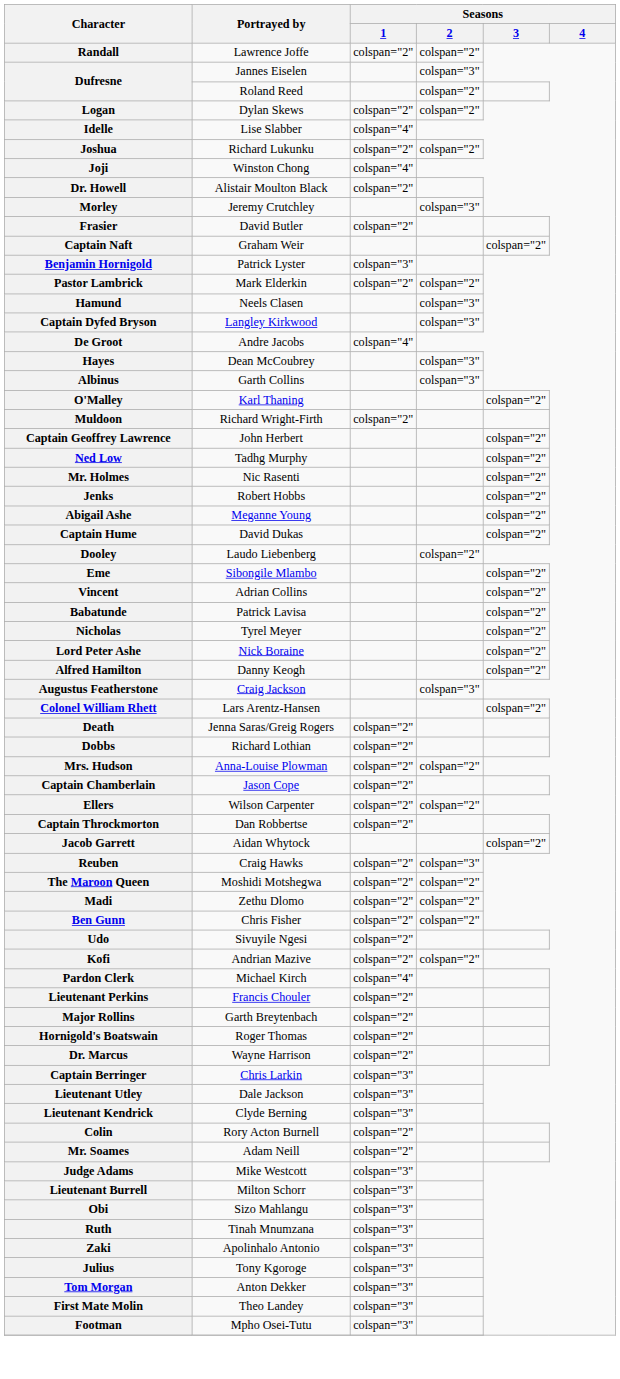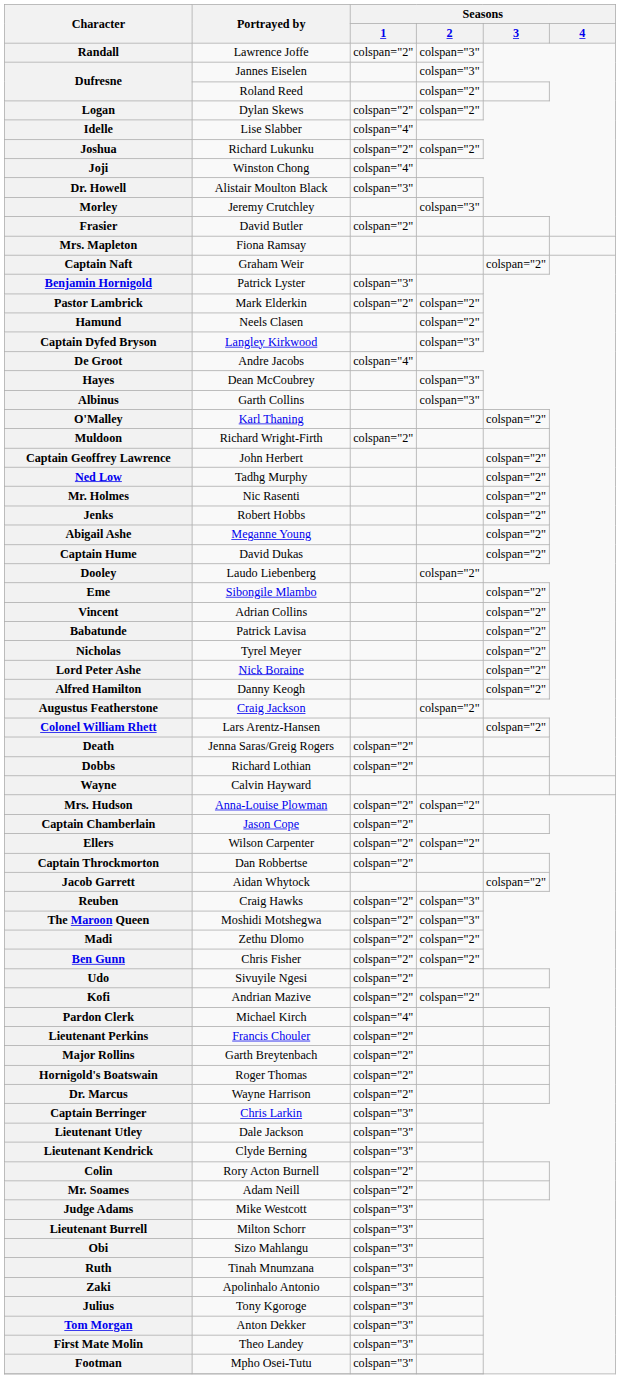 <table class="wikitable" style="text-align: center;">
 <tr>
 <th rowspan="2" style="width:240px;">Character</th>
 <th rowspan="2" style="width:200px;">Portrayed by</th>
 <th colspan="4">Seasons</th>
 </tr>
 <tr>
 <th style="width:80px;"><a href='#'>1</a></th>
 <th style="width:80px;"><a href='#'>2</a></th>
 <th style="width:80px;"><a href='#'>3</a></th>
 <th style="width:80px;"><a href='#'>4</a></th>
 </tr>
 <tr>
 <th>Randall</th>
 <td>Lawrence Joffe</td>
 <td>colspan="2" </td>
-<td>colspan="2" </td>
+<td>colspan="3" </td>
 </tr>
 <tr>
 <th rowspan="2">Dufresne</th>
 <td>Jannes Eiselen</td>
 <td></td>
 <td>colspan="3" </td>
 </tr>
 <tr>
 <td>Roland Reed</td>
 <td></td>
 <td>colspan="2" </td>
 <td></td>
 </tr>
 <tr>
 <th>Logan</th>
 <td>Dylan Skews</td>
 <td>colspan="2" </td>
 <td>colspan="2" </td>
 </tr>
 <tr>
 <th>Idelle</th>
 <td>Lise Slabber</td>
 <td>colspan="4" </td>
 </tr>
 <tr>
 <th>Joshua</th>
 <td>Richard Lukunku</td>
 <td>colspan="2" </td>
 <td>colspan="2" </td>
 </tr>
 <tr>
 <th>Joji</th>
 <td>Winston Chong</td>
 <td>colspan="4" </td>
 </tr>
 <tr>
 <th>Dr. Howell</th>
 <td>Alistair Moulton Black</td>
-<td>colspan="2" </td>
+<td>colspan="3" </td>
 <td></td>
 </tr>
 <tr>
 <th>Morley</th>
 <td>Jeremy Crutchley</td>
 <td></td>
 <td>colspan="3" </td>
 </tr>
 <tr>
 <th>Frasier</th>
 <td>David Butler</td>
 <td>colspan="2" </td>
+<td></td>
+<td></td>
+</tr>
+<tr>
+<th>Mrs. Mapleton</th>
+<td>Fiona Ramsay</td>
+<td></td>
+<td></td>
 <td></td>
 <td></td>
 </tr>
 <tr>
 <th>Captain Naft</th>
 <td>Graham Weir</td>
 <td></td>
 <td></td>
 <td>colspan="2" </td>
 </tr>
 <tr>
 <th><a href='#'>Benjamin Hornigold</a></th>
 <td>Patrick Lyster</td>
 <td>colspan="3" </td>
 <td></td>
 </tr>
 <tr>
 <th>Pastor Lambrick</th>
 <td>Mark Elderkin</td>
 <td>colspan="2" </td>
 <td>colspan="2" </td>
 </tr>
 <tr>
 <th>Hamund</th>
 <td>Neels Clasen</td>
 <td></td>
-<td>colspan="3" </td>
+<td>colspan="2" </td>
 </tr>
 <tr>
 <th>Captain Dyfed Bryson</th>
 <td><a href='#'>Langley Kirkwood</a></td>
 <td></td>
 <td>colspan="3" </td>
 </tr>
 <tr>
 <th>De Groot</th>
 <td>Andre Jacobs</td>
 <td>colspan="4" </td>
 </tr>
 <tr>
 <th>Hayes</th>
 <td>Dean McCoubrey</td>
 <td></td>
 <td>colspan="3" </td>
 </tr>
 <tr>
 <th>Albinus</th>
 <td>Garth Collins</td>
 <td></td>
 <td>colspan="3" </td>
 </tr>
 <tr>
 <th>O'Malley</th>
 <td><a href='#'>Karl Thaning</a></td>
 <td></td>
 <td></td>
 <td>colspan="2" </td>
 </tr>
 <tr>
 <th>Muldoon</th>
 <td>Richard Wright-Firth</td>
 <td>colspan="2" </td>
 <td></td>
 <td></td>
 </tr>
 <tr>
 <th>Captain Geoffrey Lawrence</th>
 <td>John Herbert</td>
 <td></td>
 <td></td>
 <td>colspan="2" </td>
 </tr>
 <tr>
 <th><a href='#'>Ned Low</a></th>
 <td>Tadhg Murphy</td>
 <td></td>
 <td></td>
 <td>colspan="2" </td>
 </tr>
 <tr>
 <th>Mr. Holmes</th>
 <td>Nic Rasenti</td>
 <td></td>
 <td></td>
 <td>colspan="2" </td>
 </tr>
 <tr>
 <th>Jenks</th>
 <td>Robert Hobbs</td>
 <td></td>
 <td></td>
 <td>colspan="2" </td>
 </tr>
 <tr>
 <th>Abigail Ashe</th>
 <td><a href='#'>Meganne Young</a></td>
 <td></td>
 <td></td>
 <td>colspan="2" </td>
 </tr>
 <tr>
 <th>Captain Hume</th>
 <td>David Dukas</td>
 <td></td>
 <td></td>
 <td>colspan="2" </td>
 </tr>
 <tr>
 <th>Dooley</th>
 <td>Laudo Liebenberg</td>
 <td></td>
 <td>colspan="2" </td>
 </tr>
 <tr>
 <th>Eme</th>
 <td><a href='#'>Sibongile Mlambo</a></td>
 <td></td>
 <td></td>
 <td>colspan="2" </td>
 </tr>
 <tr>
 <th>Vincent</th>
 <td>Adrian Collins</td>
 <td></td>
 <td></td>
 <td>colspan="2" </td>
 </tr>
 <tr>
 <th>Babatunde</th>
 <td>Patrick Lavisa</td>
 <td></td>
 <td></td>
 <td>colspan="2" </td>
 </tr>
 <tr>
 <th>Nicholas</th>
 <td>Tyrel Meyer</td>
 <td></td>
 <td></td>
 <td>colspan="2" </td>
 </tr>
 <tr>
 <th>Lord Peter Ashe</th>
 <td><a href='#'>Nick Boraine</a></td>
 <td></td>
 <td></td>
 <td>colspan="2" </td>
 </tr>
 <tr>
 <th>Alfred Hamilton</th>
 <td>Danny Keogh</td>
 <td></td>
 <td></td>
 <td>colspan="2" </td>
 </tr>
 <tr>
 <th>Augustus Featherstone</th>
 <td><a href='#'>Craig Jackson</a></td>
 <td></td>
-<td>colspan="3" </td>
+<td>colspan="2" </td>
 </tr>
 <tr>
 <th><a href='#'>Colonel William Rhett</a></th>
 <td>Lars Arentz-Hansen</td>
 <td></td>
 <td></td>
 <td>colspan="2" </td>
 </tr>
 <tr>
 <th>Death</th>
 <td>Jenna Saras/Greig Rogers</td>
 <td>colspan="2" </td>
 <td></td>
 <td></td>
 </tr>
 <tr>
 <th>Dobbs</th>
 <td>Richard Lothian</td>
 <td>colspan="2" </td>
+<td></td>
+<td></td>
+</tr>
+<tr>
+<th>Wayne</th>
+<td>Calvin Hayward</td>
+<td></td>
+<td></td>
 <td></td>
 <td></td>
 </tr>
 <tr>
 <th>Mrs. Hudson</th>
 <td><a href='#'>Anna-Louise Plowman</a></td>
 <td>colspan="2" </td>
 <td>colspan="2" </td>
 </tr>
 <tr>
 <th>Captain Chamberlain</th>
 <td><a href='#'>Jason Cope</a></td>
 <td>colspan="2" </td>
 <td></td>
 <td></td>
 </tr>
 <tr>
 <th>Ellers</th>
 <td>Wilson Carpenter</td>
 <td>colspan="2" </td>
 <td>colspan="2" </td>
 </tr>
 <tr>
 <th>Captain Throckmorton</th>
 <td>Dan Robbertse</td>
 <td>colspan="2" </td>
 <td></td>
 <td></td>
 </tr>
 <tr>
 <th>Jacob Garrett</th>
 <td>Aidan Whytock</td>
 <td></td>
 <td></td>
 <td>colspan="2" </td>
 </tr>
 <tr>
 <th>Reuben</th>
 <td>Craig Hawks</td>
 <td>colspan="2" </td>
 <td>colspan="3" </td>
 </tr>
 <tr>
 <th>The <a href='#'>Maroon</a> Queen</th>
 <td>Moshidi Motshegwa</td>
 <td>colspan="2" </td>
-<td>colspan="2" </td>
+<td>colspan="3" </td>
 </tr>
 <tr>
 <th>Madi</th>
 <td>Zethu Dlomo</td>
 <td>colspan="2" </td>
 <td>colspan="2" </td>
 </tr>
 <tr>
 <th><a href='#'>Ben Gunn</a></th>
 <td>Chris Fisher</td>
 <td>colspan="2" </td>
 <td>colspan="2" </td>
 </tr>
 <tr>
 <th>Udo</th>
 <td>Sivuyile Ngesi</td>
 <td>colspan="2" </td>
 <td></td>
 <td></td>
 </tr>
 <tr>
 <th>Kofi</th>
 <td>Andrian Mazive</td>
 <td>colspan="2" </td>
 <td>colspan="2" </td>
 </tr>
 <tr>
 <th>Pardon Clerk</th>
 <td>Michael Kirch</td>
 <td>colspan="4" </td>
 <td></td>
 <td></td>
 </tr>
 <tr>
 <th>Lieutenant Perkins</th>
 <td><a href='#'>Francis Chouler</a></td>
 <td>colspan="2" </td>
 <td></td>
 <td></td>
 </tr>
 <tr>
 <th>Major Rollins</th>
 <td>Garth Breytenbach</td>
 <td>colspan="2" </td>
 <td></td>
 <td></td>
 </tr>
 <tr>
 <th>Hornigold's Boatswain</th>
 <td>Roger Thomas</td>
 <td>colspan="2" </td>
 <td></td>
 <td></td>
 </tr>
 <tr>
 <th>Dr. Marcus</th>
 <td>Wayne Harrison</td>
 <td>colspan="2" </td>
 <td></td>
 <td></td>
 </tr>
 <tr>
 <th>Captain Berringer</th>
 <td><a href='#'>Chris Larkin</a></td>
 <td>colspan="3" </td>
 <td></td>
 </tr>
 <tr>
 <th>Lieutenant Utley</th>
 <td>Dale Jackson</td>
 <td>colspan="3" </td>
 <td></td>
 </tr>
 <tr>
 <th>Lieutenant Kendrick</th>
 <td>Clyde Berning</td>
 <td>colspan="3" </td>
 <td></td>
 </tr>
 <tr>
 <th>Colin</th>
 <td>Rory Acton Burnell</td>
 <td>colspan="2" </td>
 <td></td>
 <td></td>
 </tr>
 <tr>
 <th>Mr. Soames</th>
 <td>Adam Neill</td>
 <td>colspan="2" </td>
 <td></td>
 <td></td>
 </tr>
 <tr>
 <th>Judge Adams</th>
 <td>Mike Westcott</td>
 <td>colspan="3" </td>
 <td></td>
 </tr>
 <tr>
 <th>Lieutenant Burrell</th>
 <td>Milton Schorr</td>
 <td>colspan="3" </td>
 <td></td>
 </tr>
 <tr>
 <th>Obi</th>
 <td>Sizo Mahlangu</td>
 <td>colspan="3" </td>
 <td></td>
 </tr>
 <tr>
 <th>Ruth</th>
 <td>Tinah Mnumzana</td>
 <td>colspan="3" </td>
 <td></td>
 </tr>
 <tr>
 <th>Zaki</th>
 <td>Apolinhalo Antonio</td>
 <td>colspan="3" </td>
 <td></td>
 </tr>
 <tr>
 <th>Julius</th>
 <td>Tony Kgoroge</td>
 <td>colspan="3" </td>
 <td></td>
 </tr>
 <tr>
 <th><a href='#'>Tom Morgan</a></th>
 <td>Anton Dekker</td>
 <td>colspan="3" </td>
 <td></td>
 </tr>
 <tr>
 <th>First Mate Molin</th>
 <td>Theo Landey</td>
 <td>colspan="3" </td>
 <td></td>
 </tr>
 <tr>
 <th>Footman</th>
 <td>Mpho Osei-Tutu</td>
 <td>colspan="3" </td>
 <td></td>
 </tr>
 <tr>
 </tr>
 </table>
